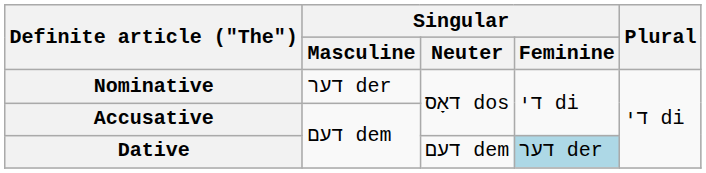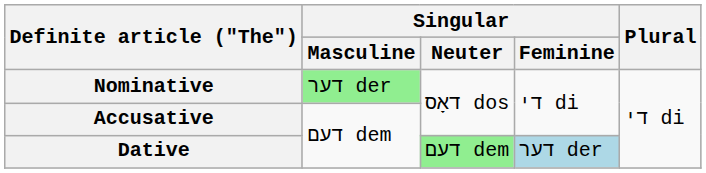 <table class="wikitable">
 <tr>
 <th rowspan="2">Definite article ("The")</th>
 <th colspan="3">Singular</th>
 <th rowspan="2">Plural</th>
 </tr>
 <tr>
 <th>Masculine</th>
 <th>Neuter</th>
 <th>Feminine</th>
 </tr>
 <tr>
 <th>Nominative</th>
-<td>דער der</td>
+<td style="background: lightgreen;">דער der</td>
 <td rowspan="2">דאָס dos</td>
 <td rowspan="2">די di</td>
 <td rowspan="3">די di</td>
 </tr>
 <tr>
 <th>Accusative</th>
 <td rowspan="2">דעם dem</td>
 </tr>
 <tr>
 <th>Dative</th>
-<td>דעם dem</td>
+<td style="background: lightgreen;">דעם dem</td>
 <td style="background: lightblue;">דער der</td>
 </tr>
 </table>
